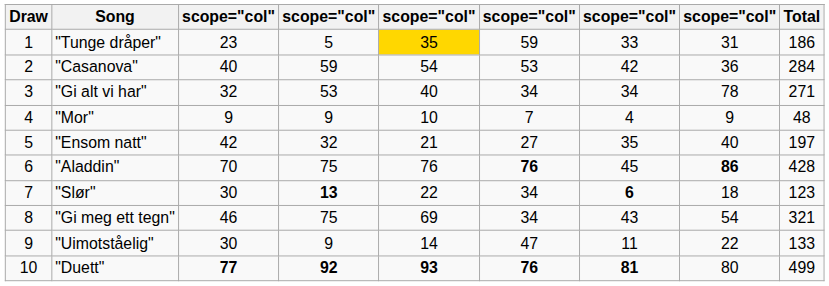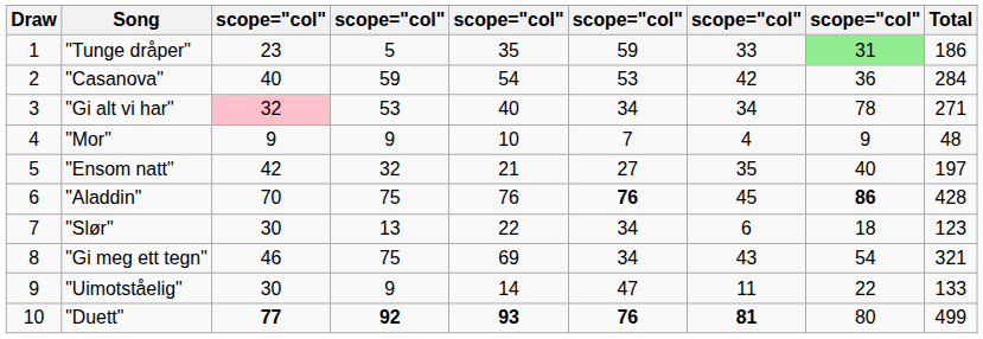 <table class="wikitable plainrowheaders" style="margin: 1em auto 1em auto; text-align:center;">
 <tr>
 </tr>
 <tr>
 <th scope="col">Draw</th>
 <th scope="col">Song</th>
 <th>scope="col" </th>
 <th>scope="col" </th>
 <th>scope="col" </th>
 <th>scope="col" </th>
 <th>scope="col" </th>
 <th>scope="col" </th>
 <th scope="col">Total</th>
 </tr>
 <tr>
 <td>1</td>
 <td align="left">"Tunge dråper"</td>
 <td>23</td>
 <td>5</td>
-<td style="background: gold;">35</td>
+<td>35</td>
 <td>59</td>
 <td>33</td>
-<td>31</td>
+<td style="background: lightgreen;">31</td>
 <td>186</td>
 </tr>
 <tr>
 <td>2</td>
 <td align="left">"Casanova"</td>
 <td>40</td>
 <td>59</td>
 <td>54</td>
 <td>53</td>
 <td>42</td>
 <td>36</td>
 <td>284</td>
 </tr>
 <tr>
 <td>3</td>
 <td align="left">"Gi alt vi har"</td>
-<td>32</td>
+<td style="background: pink;">32</td>
 <td>53</td>
 <td>40</td>
 <td>34</td>
 <td>34</td>
 <td>78</td>
 <td>271</td>
 </tr>
 <tr>
 <td>4</td>
 <td align="left">"Mor"</td>
 <td>9</td>
 <td>9</td>
 <td>10</td>
 <td>7</td>
 <td>4</td>
 <td>9</td>
 <td>48</td>
 </tr>
 <tr>
 <td>5</td>
 <td align="left">"Ensom natt"</td>
 <td>42</td>
 <td>32</td>
 <td>21</td>
 <td>27</td>
 <td>35</td>
 <td>40</td>
 <td>197</td>
 </tr>
 <tr>
 <td>6</td>
 <td align="left">"Aladdin"</td>
 <td>70</td>
 <td>75</td>
 <td>76</td>
 <td><strong>76</strong></td>
 <td>45</td>
 <td><strong>86</strong></td>
 <td>428</td>
 </tr>
 <tr>
 <td>7</td>
 <td align="left">"Slør"</td>
 <td>30</td>
-<td><strong>13</strong></td>
+<td>13</td>
 <td>22</td>
 <td>34</td>
-<td><strong>6</strong></td>
+<td>6</td>
 <td>18</td>
 <td>123</td>
 </tr>
 <tr>
 <td>8</td>
 <td align="left">"Gi meg ett tegn"</td>
 <td>46</td>
 <td>75</td>
 <td>69</td>
 <td>34</td>
 <td>43</td>
 <td>54</td>
 <td>321</td>
 </tr>
 <tr>
 <td>9</td>
 <td align="left">"Uimotståelig"</td>
 <td>30</td>
 <td>9</td>
 <td>14</td>
 <td>47</td>
 <td>11</td>
 <td>22</td>
 <td>133</td>
 </tr>
 <tr>
 <td>10</td>
 <td align="left">"Duett"</td>
 <td><strong>77</strong></td>
 <td><strong>92</strong></td>
 <td><strong>93</strong></td>
 <td><strong>76</strong></td>
 <td><strong>81</strong></td>
 <td>80</td>
 <td>499</td>
 </tr>
 </table>
